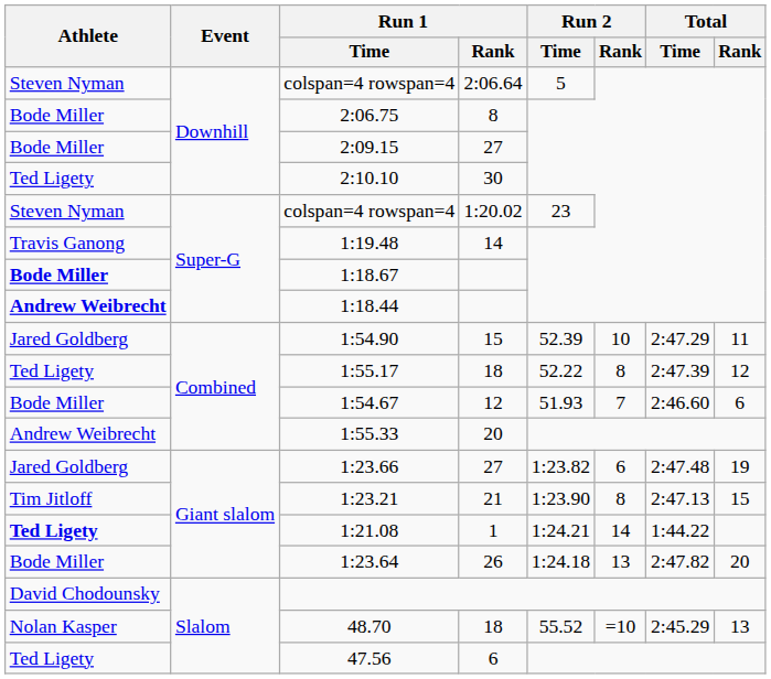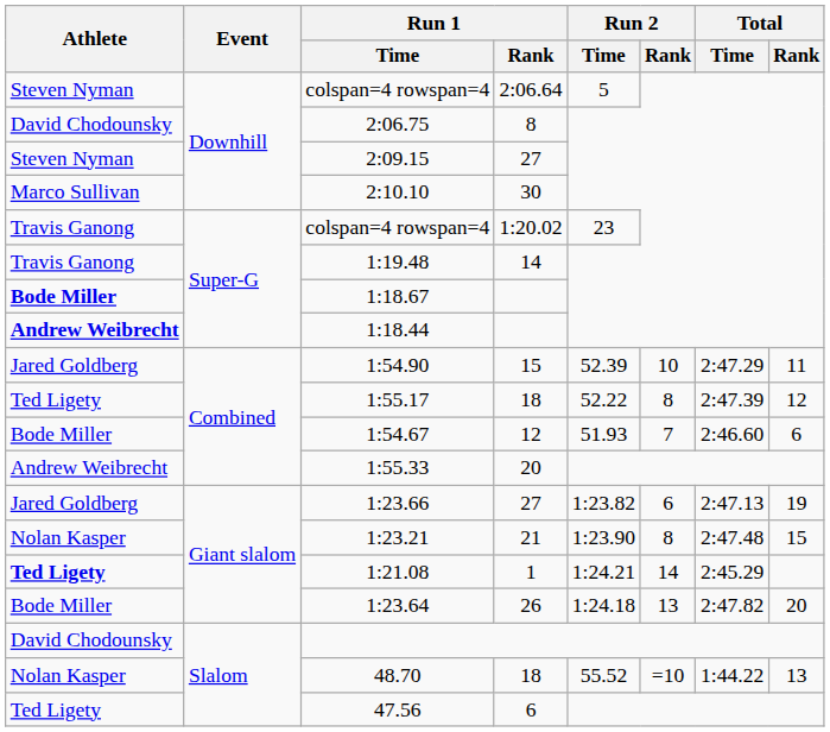 <table class=wikitable style=font-size:90%;text-align:center>
 <tr>
 <th rowspan=2>Athlete</th>
 <th rowspan=2>Event</th>
 <th colspan=2>Run 1</th>
 <th colspan=2>Run 2</th>
 <th colspan=2>Total</th>
 </tr>
 <tr style=font-size:95%>
 <th>Time</th>
 <th>Rank</th>
 <th>Time</th>
 <th>Rank</th>
 <th>Time</th>
 <th>Rank</th>
 </tr>
 <tr>
 <td align=left><a href='#'>Steven Nyman</a></td>
 <td align=left rowspan=4><a href='#'>Downhill</a></td>
 <td>colspan=4 rowspan=4 </td>
 <td>2:06.64</td>
 <td>5</td>
 </tr>
 <tr>
-<td align=left><a href='#'>Bode Miller</a></td>
+<td align=left><a href='#'>David Chodounsky</a></td>
 <td>2:06.75</td>
 <td>8</td>
 </tr>
 <tr>
-<td align=left><a href='#'>Bode Miller</a></td>
+<td align=left><a href='#'>Steven Nyman</a></td>
 <td>2:09.15</td>
 <td>27</td>
 </tr>
 <tr>
-<td align=left><a href='#'>Ted Ligety</a></td>
+<td align=left><a href='#'>Marco Sullivan</a></td>
 <td>2:10.10</td>
 <td>30</td>
 </tr>
 <tr>
-<td align=left><a href='#'>Steven Nyman</a></td>
+<td align=left><a href='#'>Travis Ganong</a></td>
 <td align=left rowspan=4><a href='#'>Super-G</a></td>
 <td>colspan=4 rowspan=4 </td>
 <td>1:20.02</td>
 <td>23</td>
 </tr>
 <tr>
 <td align=left><a href='#'>Travis Ganong</a></td>
 <td>1:19.48</td>
 <td>14</td>
 </tr>
 <tr>
 <td align=left><strong><a href='#'>Bode Miller</a></strong></td>
 <td>1:18.67</td>
 <td></td>
 </tr>
 <tr>
 <td align=left><strong><a href='#'>Andrew Weibrecht</a></strong></td>
 <td>1:18.44</td>
 <td></td>
 </tr>
 <tr>
 <td align=left><a href='#'>Jared Goldberg</a></td>
 <td align=left rowspan=4><a href='#'>Combined</a></td>
 <td>1:54.90</td>
 <td>15</td>
 <td>52.39</td>
 <td>10</td>
 <td>2:47.29</td>
 <td>11</td>
 </tr>
 <tr>
 <td align=left><a href='#'>Ted Ligety</a></td>
 <td>1:55.17</td>
 <td>18</td>
 <td>52.22</td>
 <td>8</td>
 <td>2:47.39</td>
 <td>12</td>
 </tr>
 <tr>
 <td align=left><a href='#'>Bode Miller</a></td>
 <td>1:54.67</td>
 <td>12</td>
 <td>51.93</td>
 <td>7</td>
 <td>2:46.60</td>
 <td>6</td>
 </tr>
 <tr>
 <td align=left><a href='#'>Andrew Weibrecht</a></td>
 <td>1:55.33</td>
 <td>20</td>
 <td colspan=4></td>
 </tr>
 <tr>
 <td align=left><a href='#'>Jared Goldberg</a></td>
 <td align=left rowspan=4><a href='#'>Giant slalom</a></td>
 <td>1:23.66</td>
 <td>27</td>
 <td>1:23.82</td>
 <td>6</td>
-<td>2:47.48</td>
+<td>2:47.13</td>
 <td>19</td>
 </tr>
 <tr>
-<td align=left><a href='#'>Tim Jitloff</a></td>
+<td align=left><a href='#'>Nolan Kasper</a></td>
 <td>1:23.21</td>
 <td>21</td>
 <td>1:23.90</td>
 <td>8</td>
-<td>2:47.13</td>
+<td>2:47.48</td>
 <td>15</td>
 </tr>
 <tr>
 <td align=left><strong><a href='#'>Ted Ligety</a></strong></td>
 <td>1:21.08</td>
 <td>1</td>
 <td>1:24.21</td>
 <td>14</td>
-<td>1:44.22</td>
+<td>2:45.29</td>
 <td></td>
 </tr>
 <tr>
 <td align=left><a href='#'>Bode Miller</a></td>
 <td>1:23.64</td>
 <td>26</td>
 <td>1:24.18</td>
 <td>13</td>
 <td>2:47.82</td>
 <td>20</td>
 </tr>
 <tr>
 <td align=left><a href='#'>David Chodounsky</a></td>
 <td align=left rowspan=3><a href='#'>Slalom</a></td>
 <td colspan=6></td>
 </tr>
 <tr>
 <td align=left><a href='#'>Nolan Kasper</a></td>
 <td>48.70</td>
 <td>18</td>
 <td>55.52</td>
 <td>=10</td>
-<td>2:45.29</td>
+<td>1:44.22</td>
 <td>13</td>
 </tr>
 <tr>
 <td align=left><a href='#'>Ted Ligety</a></td>
 <td>47.56</td>
 <td>6</td>
 <td colspan=4></td>
 </tr>
 </table>
